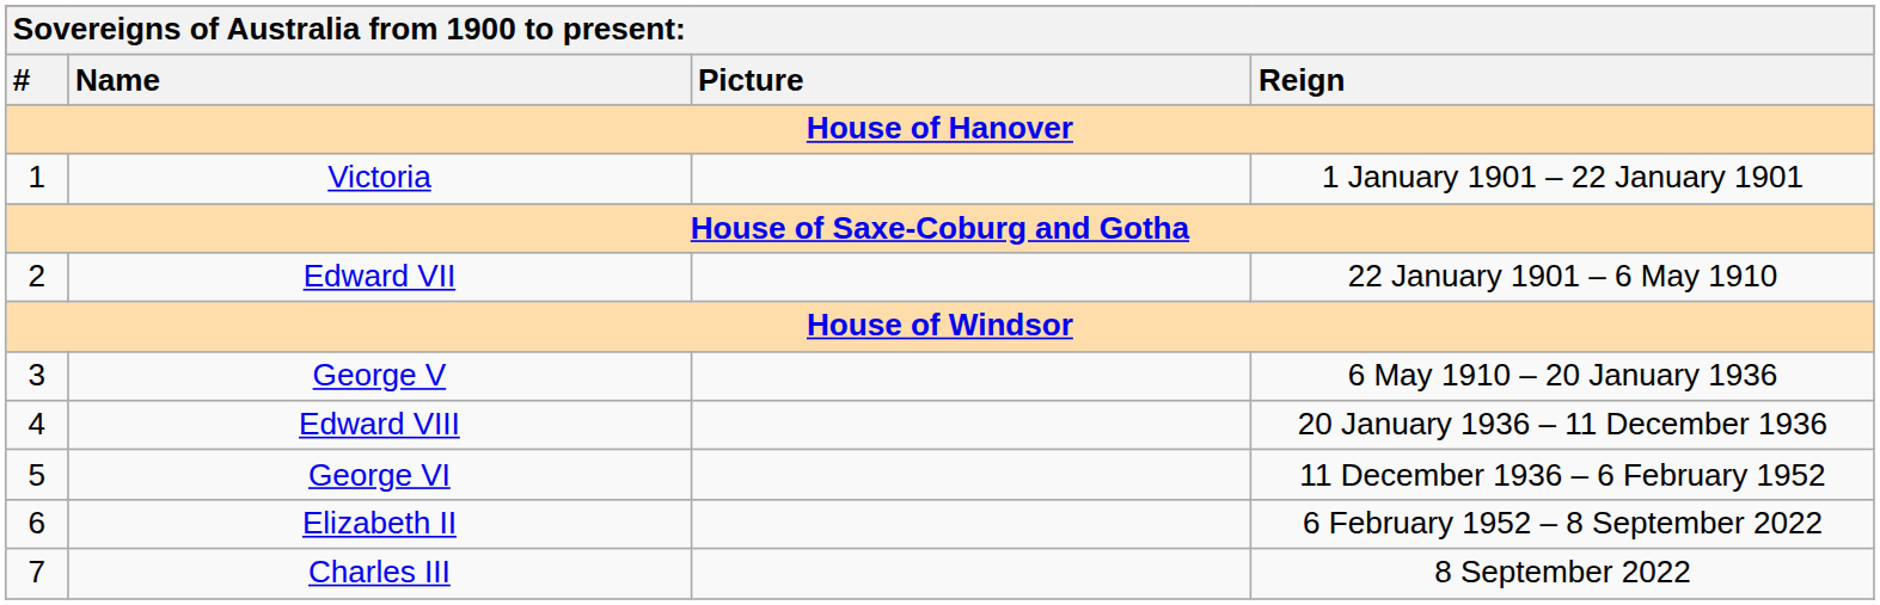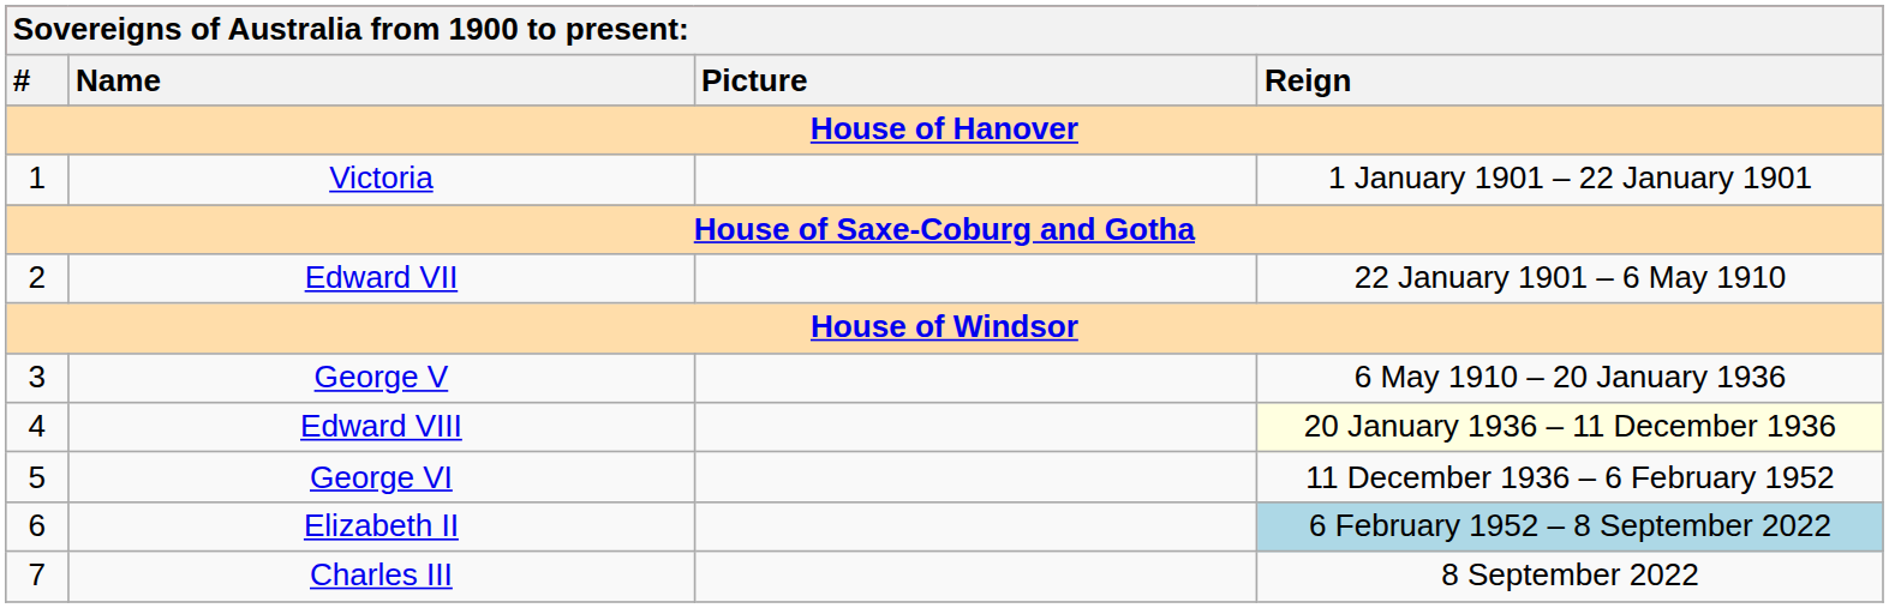 <table class="wikitable" style="width:60em;">
 <tr style="background:darkRed;">
 <th colspan="9" style="text-align:left;"><span>Sovereigns of Australia from 1900 to present:</span></th>
 </tr>
 <tr style="background:#efefef;">
 <th style="width:2.5%; text-align:left;">#</th>
 <th style="width:25%; text-align:left;">Name</th>
 <th style="width:22.5%; text-align:left;">Picture</th>
 <th style="width:25%; text-align:left;">Reign</th>
 </tr>
 <tr style="background:#fda;">
 <td colspan="9" style="text-align:center;"><strong><a href='#'>House of Hanover</a></strong></td>
 </tr>
 <tr>
 <td style="text-align:center;">1</td>
 <td style="text-align:center;"><a href='#'>Victoria</a></td>
 <td style="text-align:center;"></td>
 <td style="text-align:center;">1 January 1901 – 22 January 1901</td>
 </tr>
 <tr style="background:#fda;">
 <td colspan="9" style="text-align:center;"><strong><a href='#'>House of Saxe-Coburg and Gotha</a></strong></td>
 </tr>
 <tr>
 <td style="text-align:center;">2</td>
 <td style="text-align:center;"><a href='#'>Edward VII</a></td>
 <td style="text-align:center;"></td>
 <td style="text-align:center;">22 January 1901 – 6 May 1910</td>
 </tr>
 <tr style="background:#fda;">
 <td colspan="9" style="text-align:center;"><strong><a href='#'>House of Windsor</a></strong></td>
 </tr>
 <tr>
 <td style="text-align:center;">3</td>
 <td style="text-align:center;"><a href='#'>George V</a></td>
 <td style="text-align:center;"></td>
 <td style="text-align:center;">6 May 1910 – 20 January 1936</td>
 </tr>
 <tr>
 <td style="text-align:center;">4</td>
 <td style="text-align:center;"><a href='#'>Edward VIII</a></td>
 <td style="text-align:center;"></td>
-<td style="text-align:center;">20 January 1936 – 11 December 1936</td>
+<td style="background: lightyellow; text-align:center;">20 January 1936 – 11 December 1936</td>
 </tr>
 <tr>
 <td style="text-align:center;">5</td>
 <td style="text-align:center;"><a href='#'>George VI</a></td>
 <td style="text-align:center;"></td>
 <td style="text-align:center;">11 December 1936 – 6 February 1952</td>
 </tr>
 <tr>
 <td style="text-align:center;">6</td>
 <td style="text-align:center;"><a href='#'>Elizabeth II</a></td>
 <td style="text-align:center;"></td>
-<td style="text-align:center;">6 February 1952 – 8 September 2022</td>
+<td style="background: lightblue; text-align:center;">6 February 1952 – 8 September 2022</td>
 </tr>
 <tr>
 <td style="text-align:center;">7</td>
 <td style="text-align:center;"><a href='#'>Charles III</a></td>
 <td style="text-align:center;"></td>
 <td style="text-align:center;">8 September 2022</td>
 </tr>
 </table>
